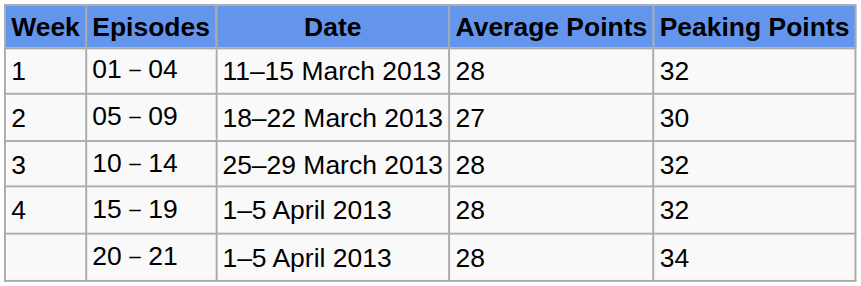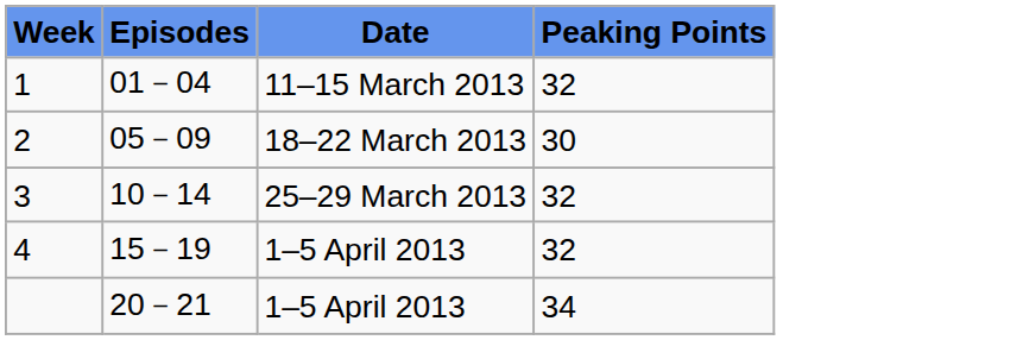 <table class="wikitable" style="font-size:14px;">
 <tr style="background:cornflowerblue; colour:white" align="center">
 <td><strong>Week</strong></td>
 <td><strong>Episodes</strong></td>
 <td><strong>Date</strong></td>
-<td><strong>Average Points</strong></td>
 <td><strong>Peaking Points</strong></td>
 </tr>
 <tr>
 <td>1</td>
 <td>01－04</td>
 <td>11–15 March 2013</td>
-<td>28</td>
 <td>32</td>
 </tr>
 <tr>
 <td>2</td>
 <td>05－09</td>
 <td>18–22 March 2013</td>
-<td>27</td>
 <td>30</td>
 </tr>
 <tr>
 <td>3</td>
 <td>10－14</td>
 <td>25–29 March 2013</td>
-<td>28</td>
 <td>32</td>
 </tr>
 <tr>
 <td>4</td>
 <td>15－19</td>
 <td>1–5 April 2013</td>
-<td>28</td>
 <td>32</td>
 </tr>
 <tr>
 <td></td>
 <td>20－21</td>
 <td>1–5 April 2013</td>
-<td>28</td>
 <td>34</td>
 </tr>
 </table>
